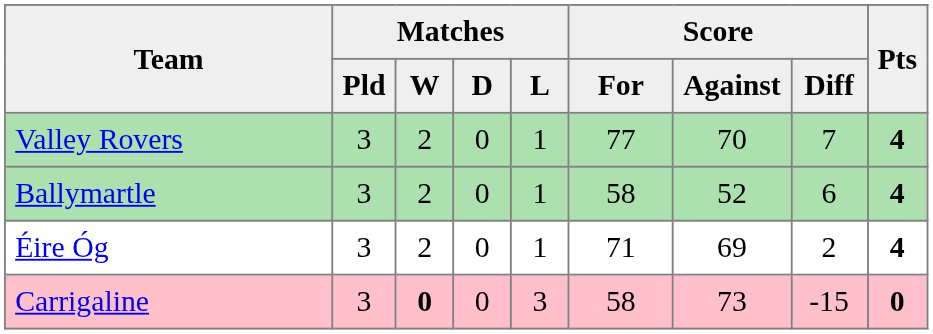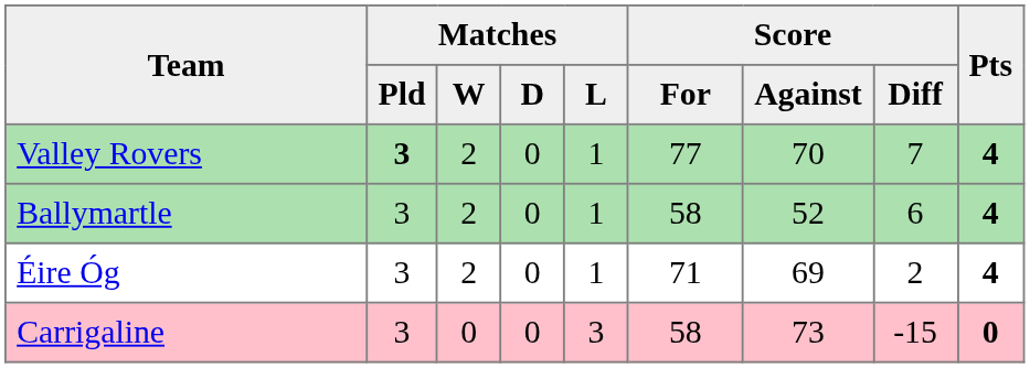 <table style=border-collapse:collapse border=1 cellspacing=0 cellpadding=5>
 <tr align=center bgcolor=#efefef>
 <th rowspan=2 width=165>Team</th>
 <th colspan=4>Matches</th>
 <th colspan=3>Score</th>
 <th rowspan=2width=20>Pts</th>
 </tr>
 <tr align=center bgcolor=#efefef>
 <th width=20>Pld</th>
 <th width=20>W</th>
 <th width=20>D</th>
 <th width=20>L</th>
 <th width=45>For</th>
 <th width=45>Against</th>
 <th width=30>Diff</th>
 </tr>
 <tr align=center style="background:#ACE1AF;">
 <td style="text-align:left;"><a href='#'>Valley Rovers</a></td>
-<td>3</td>
+<td><strong>3</strong></td>
 <td>2</td>
 <td>0</td>
 <td>1</td>
 <td>77</td>
 <td>70</td>
 <td>7</td>
 <td><strong>4</strong></td>
 </tr>
 <tr align=center style="background:#ACE1AF;">
 <td style="text-align:left;"><a href='#'>Ballymartle</a></td>
 <td>3</td>
 <td>2</td>
 <td>0</td>
 <td>1</td>
 <td>58</td>
 <td>52</td>
 <td>6</td>
 <td><strong>4</strong></td>
 </tr>
 <tr align="center">
 <td style="text-align:left;"><a href='#'>Éire Óg</a></td>
 <td>3</td>
 <td>2</td>
 <td>0</td>
 <td>1</td>
 <td>71</td>
 <td>69</td>
 <td>2</td>
 <td><strong>4</strong></td>
 </tr>
 <tr align=center style="background:#FFC0CB;">
 <td style="text-align:left;"><a href='#'>Carrigaline</a></td>
 <td>3</td>
-<td><strong>0</strong></td>
+<td>0</td>
 <td>0</td>
 <td>3</td>
 <td>58</td>
 <td>73</td>
 <td>-15</td>
 <td><strong>0</strong></td>
 </tr>
 </table>
